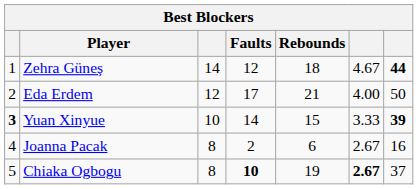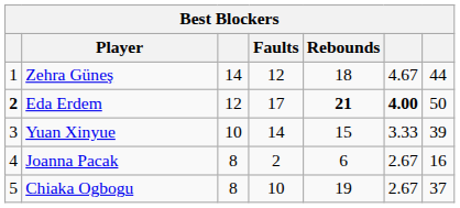 <table class="wikitable sortable" style=font-size:90%>
 <tr>
 <th colspan=7>Best Blockers</th>
 </tr>
 <tr>
 <th></th>
 <th width=158>Player</th>
 <th width=20></th>
 <th width=20>Faults</th>
 <th width=20>Rebounds</th>
 <th width=20></th>
 <th width=20></th>
 </tr>
 <tr>
 <td>1</td>
 <td> <a href='#'>Zehra Güneş</a></td>
 <td align=center>14</td>
 <td align=center>12</td>
 <td align=center>18</td>
 <td align=center>4.67</td>
-<td align=center><strong>44</strong></td>
+<td align=center>44</td>
 </tr>
 <tr>
-<td>2</td>
+<td><strong>2</strong></td>
 <td> <a href='#'>Eda Erdem</a></td>
 <td align=center>12</td>
 <td align=center>17</td>
-<td align=center>21</td>
-<td align=center>4.00</td>
+<td align=center><strong>21</strong></td>
+<td align=center><strong>4.00</strong></td>
 <td align=center>50</td>
 </tr>
 <tr>
-<td><strong>3</strong></td>
+<td>3</td>
 <td> <a href='#'>Yuan Xinyue</a></td>
 <td align=center>10</td>
 <td align=center>14</td>
 <td align=center>15</td>
 <td align=center>3.33</td>
-<td align=center><strong>39</strong></td>
+<td align=center>39</td>
 </tr>
 <tr>
 <td>4</td>
 <td> <a href='#'>Joanna Pacak</a></td>
 <td align=center>8</td>
 <td align=center>2</td>
 <td align=center>6</td>
 <td align=center>2.67</td>
 <td align=center>16</td>
 </tr>
 <tr>
 <td>5</td>
 <td> <a href='#'>Chiaka Ogbogu</a></td>
 <td align=center>8</td>
-<td align=center><strong>10</strong></td>
+<td align=center>10</td>
 <td align=center>19</td>
-<td align=center><strong>2.67</strong></td>
+<td align=center>2.67</td>
 <td align=center>37</td>
 </tr>
 </table>
